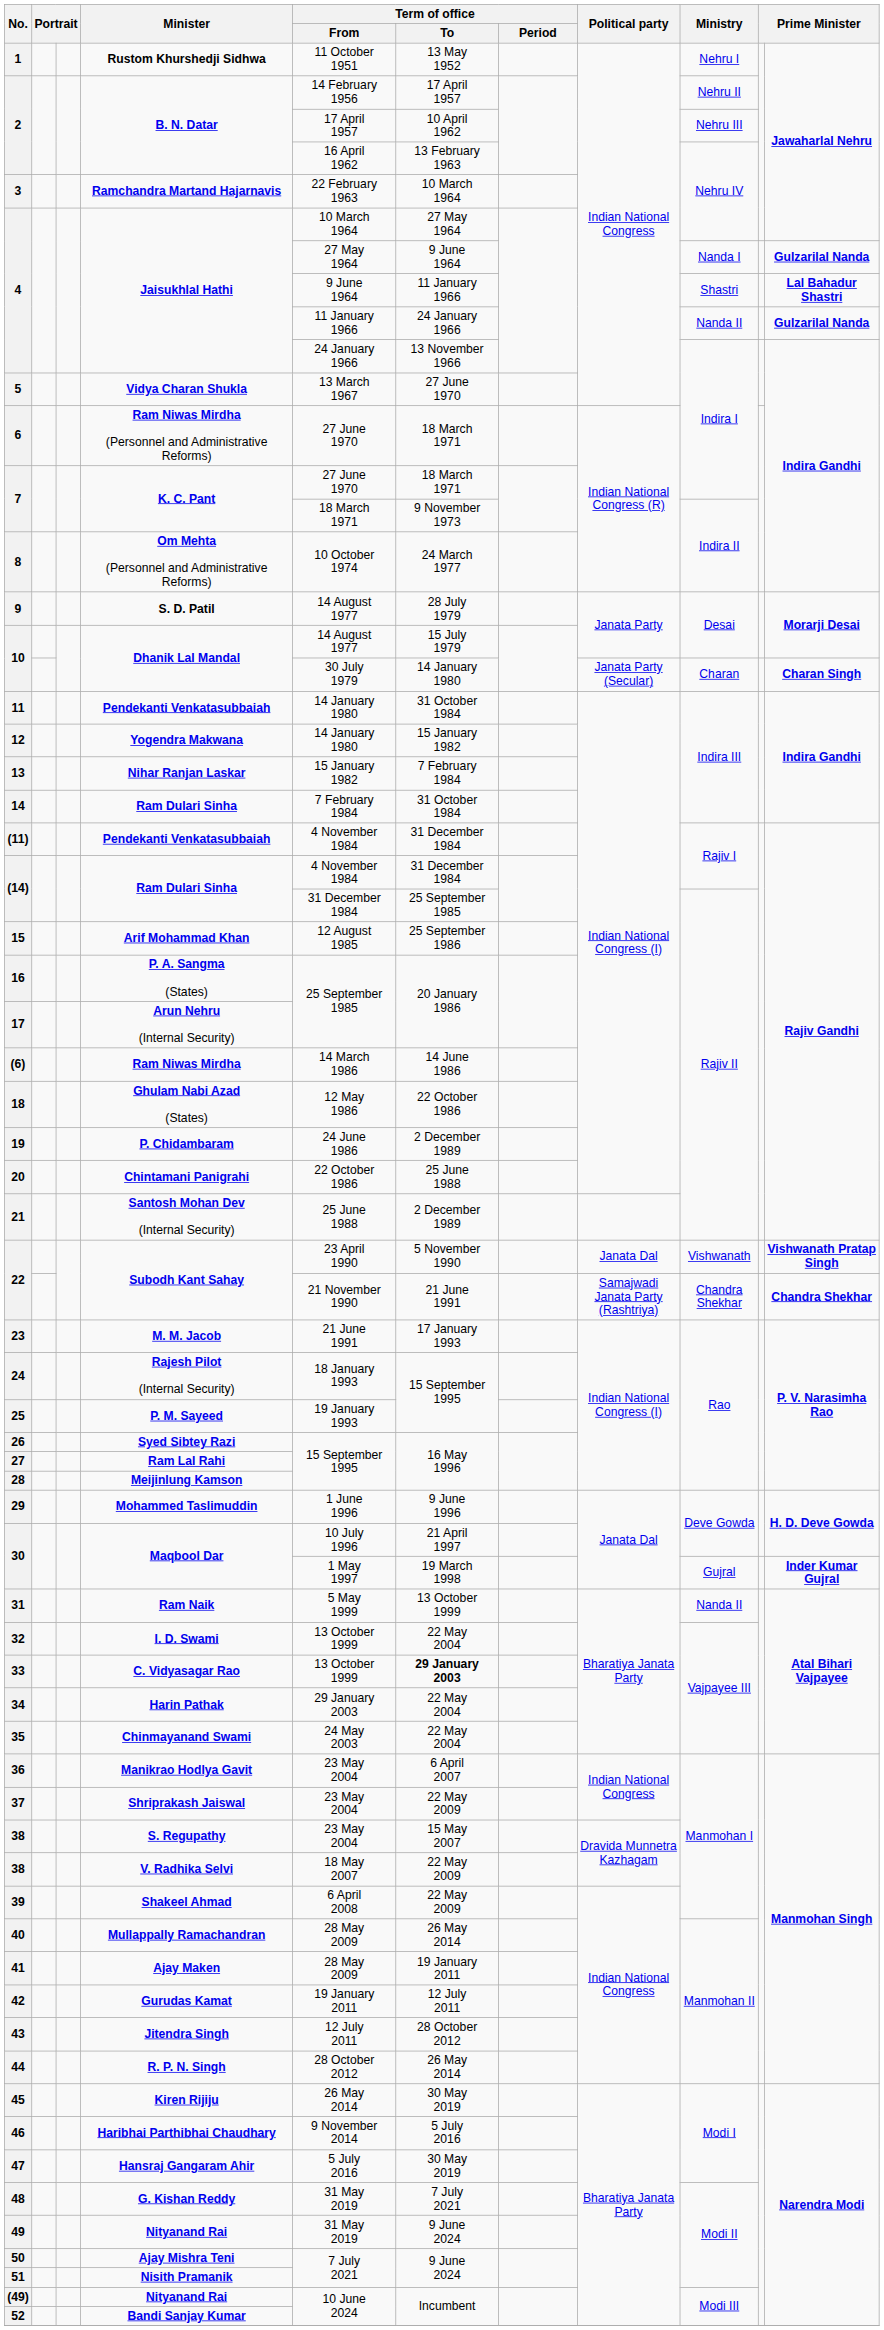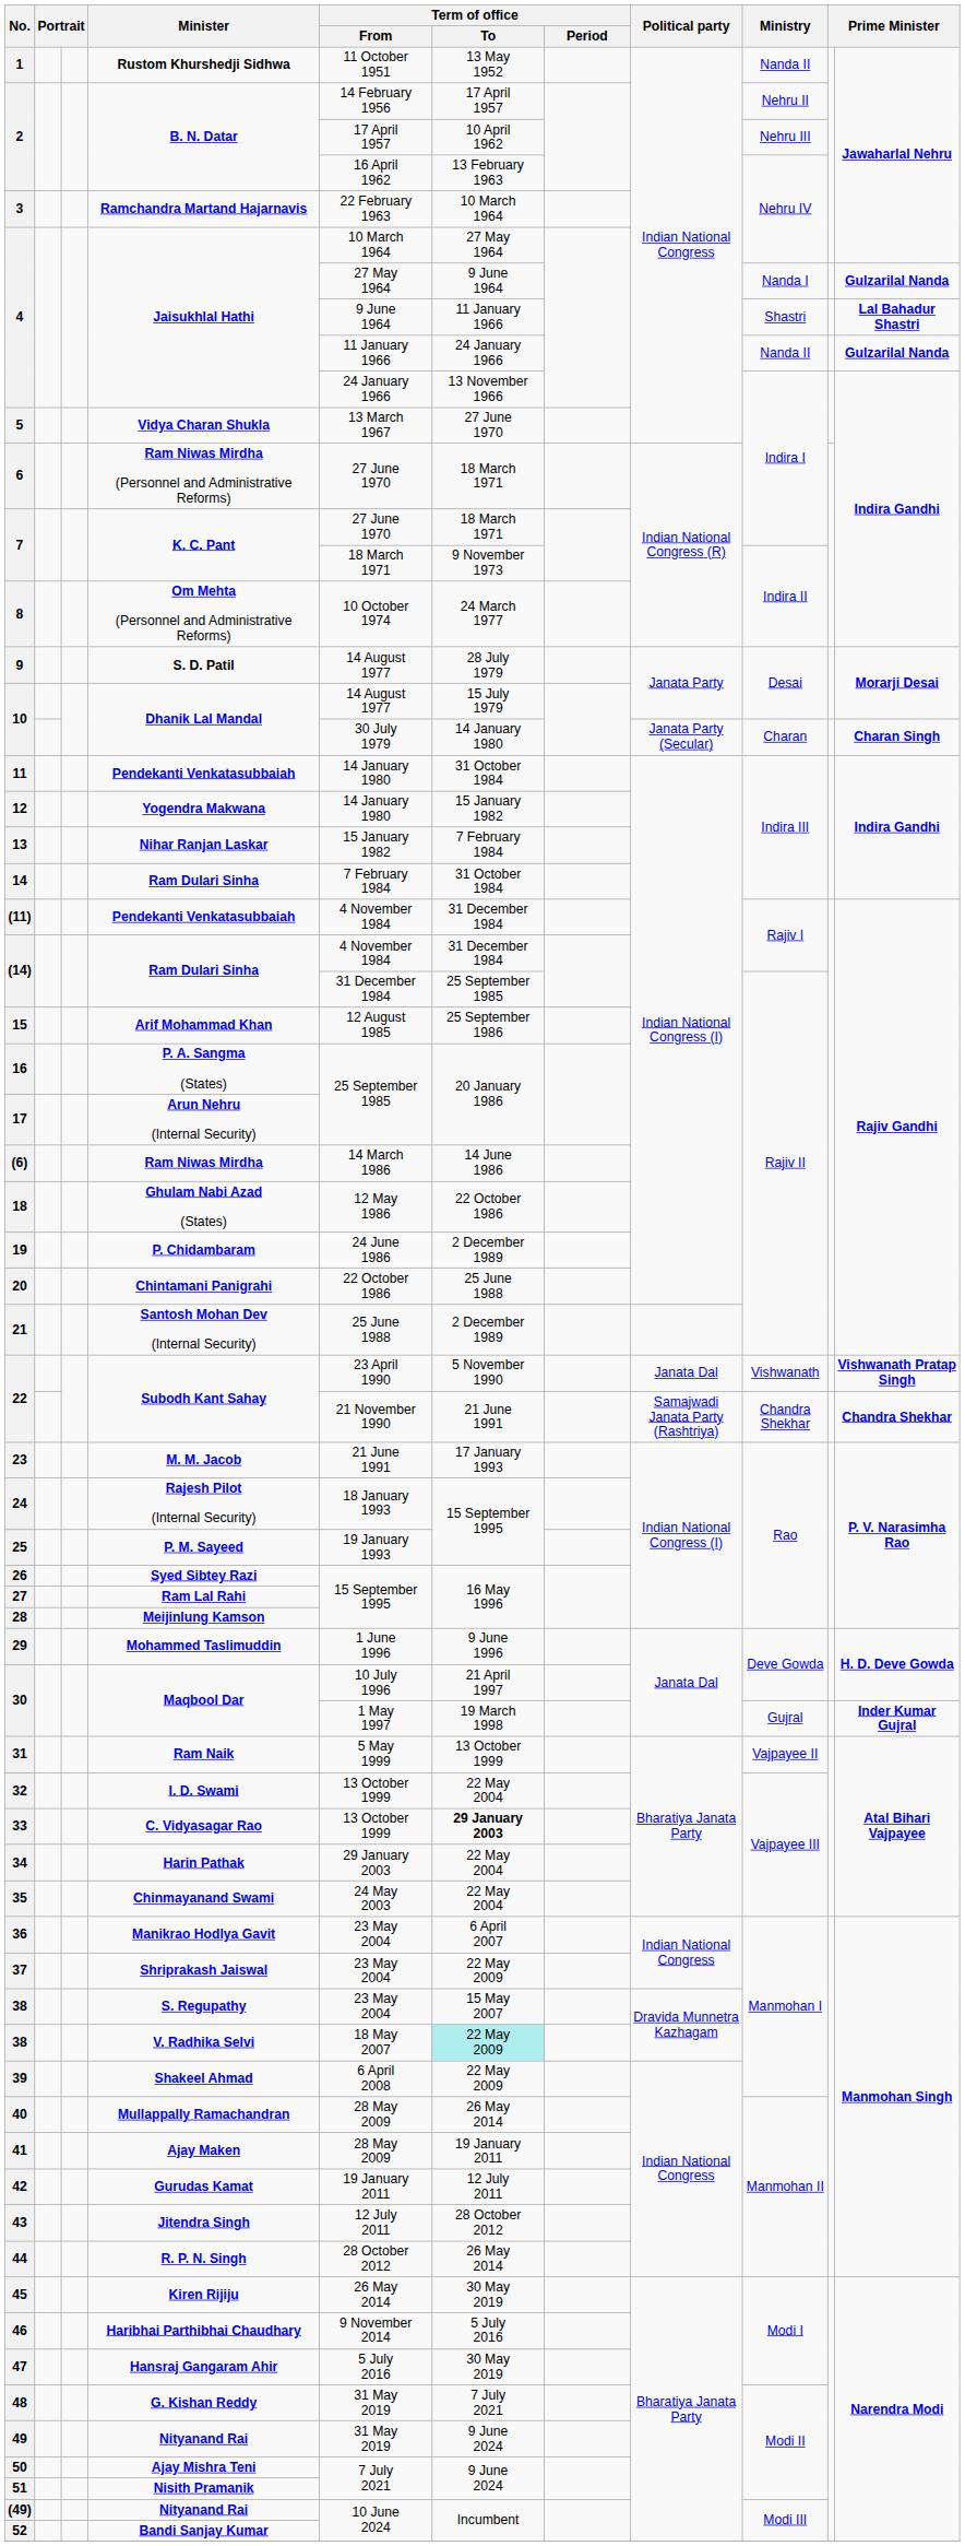 <table class="wikitable" style="text-align:center">
 <tr>
 <th rowspan="2">No.</th>
 <th colspan="2" rowspan="2">Portrait</th>
 <th rowspan="2" style="width:17em">Minister<br></th>
 <th colspan="3">Term of office</th>
 <th rowspan="2" style="width:8em">Political party</th>
 <th rowspan="2" style="width:6em">Ministry</th>
 <th rowspan="2" colspan="2">Prime Minister</th>
 </tr>
 <tr>
 <th style="width:8em">From</th>
 <th style="width:8em">To</th>
 <th style="width:6em">Period</th>
 </tr>
 <tr>
 <th>1</th>
 <td></td>
 <td></td>
 <td><strong>Rustom Khurshedji Sidhwa</strong><br></td>
 <td>11 October<br>1951</td>
 <td>13 May<br>1952</td>
 <td><strong></strong></td>
 <td rowspan="11"><a href='#'>Indian National Congress</a></td>
-<td><a href='#'>Nehru I</a></td>
+<td><a href='#'>Nanda II</a></td>
 <td rowspan="6"></td>
 <td rowspan="6"><strong><a href='#'>Jawaharlal Nehru</a></strong></td>
 </tr>
 <tr>
 <th rowspan="3">2</th>
 <td rowspan="3"></td>
 <td rowspan="3"></td>
 <td rowspan="3"><strong><a href='#'>B. N. Datar</a></strong><br></td>
 <td>14 February<br>1956</td>
 <td>17 April<br>1957</td>
 <td rowspan="3"><strong></strong></td>
 <td><a href='#'>Nehru II</a></td>
 </tr>
 <tr>
 <td>17 April<br>1957</td>
 <td>10 April<br>1962</td>
 <td><a href='#'>Nehru III</a></td>
 </tr>
 <tr>
 <td>16 April<br>1962</td>
 <td>13 February<br>1963</td>
 <td rowspan="3"><a href='#'>Nehru IV</a></td>
 </tr>
 <tr>
 <th>3</th>
 <td></td>
 <td></td>
 <td><strong><a href='#'>Ramchandra Martand Hajarnavis</a></strong><br></td>
 <td>22 February<br>1963</td>
 <td>10 March<br>1964</td>
 <td><strong></strong></td>
 </tr>
 <tr>
 <th rowspan="5">4</th>
 <td rowspan="5"></td>
 <td rowspan="5"></td>
 <td rowspan="5"><strong><a href='#'>Jaisukhlal Hathi</a></strong><br></td>
 <td>10 March<br>1964</td>
 <td>27 May<br>1964</td>
 <td rowspan="5"><strong></strong></td>
 </tr>
 <tr>
 <td>27 May<br>1964</td>
 <td>9 June<br>1964</td>
 <td><a href='#'>Nanda I</a></td>
 <td></td>
 <td><strong><a href='#'>Gulzarilal Nanda</a></strong></td>
 </tr>
 <tr>
 <td>9 June<br>1964</td>
 <td>11 January<br>1966</td>
 <td><a href='#'>Shastri</a></td>
 <td></td>
 <td><strong><a href='#'>Lal Bahadur Shastri</a></strong></td>
 </tr>
 <tr>
 <td>11 January<br>1966</td>
 <td>24 January<br>1966</td>
 <td><a href='#'>Nanda II</a></td>
 <td></td>
 <td><strong><a href='#'>Gulzarilal Nanda</a></strong></td>
 </tr>
 <tr>
 <td>24 January<br>1966</td>
 <td>13 November<br>1966</td>
 <td rowspan="4"><a href='#'>Indira I</a></td>
 <td rowspan="2"></td>
 <td rowspan="6"><strong><a href='#'>Indira Gandhi</a></strong></td>
 </tr>
 <tr>
 <th>5</th>
 <td></td>
 <td></td>
 <td><strong><a href='#'>Vidya Charan Shukla</a></strong><br></td>
 <td>13 March<br>1967</td>
 <td>27 June<br>1970</td>
 <td><strong></strong></td>
 </tr>
 <tr>
 <th>6</th>
 <td></td>
 <td></td>
 <td><strong><a href='#'>Ram Niwas Mirdha</a></strong><br><br>(Personnel and Administrative Reforms)</td>
 <td>27 June<br>1970</td>
 <td>18 March<br>1971</td>
 <td><strong></strong></td>
 <td rowspan="4"><a href='#'>Indian National Congress (R)</a></td>
 <td rowspan="4"></td>
 </tr>
 <tr>
 <th rowspan="2">7</th>
 <td rowspan="2"></td>
 <td rowspan="2"></td>
 <td rowspan="2"><strong><a href='#'>K. C. Pant</a></strong><br></td>
 <td>27 June<br>1970</td>
 <td>18 March<br>1971</td>
 <td rowspan="2"><strong></strong></td>
 </tr>
 <tr>
 <td>18 March<br>1971</td>
 <td>9 November<br>1973</td>
 <td rowspan="2"><a href='#'>Indira II</a></td>
 </tr>
 <tr>
 <th>8</th>
 <td></td>
 <td></td>
 <td><strong><a href='#'>Om Mehta</a></strong><br><br>(Personnel and Administrative Reforms)</td>
 <td>10 October<br>1974</td>
 <td>24 March<br>1977</td>
 <td><strong></strong></td>
 </tr>
 <tr>
 <th>9</th>
 <td></td>
 <td></td>
 <td><strong>S. D. Patil</strong><br></td>
 <td>14 August<br>1977</td>
 <td>28 July<br>1979</td>
 <td><strong></strong></td>
 <td rowspan="2"><a href='#'>Janata Party</a></td>
 <td rowspan="2"><a href='#'>Desai</a></td>
 <td rowspan="2"></td>
 <td rowspan="2"><strong><a href='#'>Morarji Desai</a></strong></td>
 </tr>
 <tr>
 <th rowspan="2">10</th>
 <td></td>
 <td rowspan="2"></td>
 <td rowspan="2"><strong><a href='#'>Dhanik Lal Mandal</a></strong><br></td>
 <td>14 August<br>1977</td>
 <td>15 July<br>1979</td>
 <td rowspan="2"><strong></strong></td>
 </tr>
 <tr>
 <td></td>
 <td>30 July<br>1979</td>
 <td>14 January<br>1980</td>
 <td><a href='#'>Janata Party (Secular)</a></td>
 <td><a href='#'>Charan</a></td>
 <td></td>
 <td><strong><a href='#'>Charan Singh</a></strong></td>
 </tr>
 <tr>
 <th>11</th>
 <td></td>
 <td></td>
 <td><strong><a href='#'>Pendekanti Venkatasubbaiah</a></strong><br></td>
 <td>14 January<br>1980</td>
 <td>31 October<br>1984</td>
 <td><strong></strong></td>
 <td rowspan="14"><a href='#'>Indian National Congress (I)</a></td>
 <td rowspan="4"><a href='#'>Indira III</a></td>
 <td rowspan="4"></td>
 <td rowspan="4"><strong><a href='#'>Indira Gandhi</a></strong></td>
 </tr>
 <tr>
 <th>12</th>
 <td></td>
 <td></td>
 <td><strong><a href='#'>Yogendra Makwana</a></strong><br></td>
 <td>14 January<br>1980</td>
 <td>15 January<br>1982</td>
 <td><strong></strong></td>
 </tr>
 <tr>
 <th>13</th>
 <td></td>
 <td></td>
 <td><strong><a href='#'>Nihar Ranjan Laskar</a></strong><br></td>
 <td>15 January<br>1982</td>
 <td>7 February<br>1984</td>
 <td><strong></strong></td>
 </tr>
 <tr>
 <th>14</th>
 <td></td>
 <td></td>
 <td><strong><a href='#'>Ram Dulari Sinha</a></strong><br></td>
 <td>7 February<br>1984</td>
 <td>31 October<br>1984</td>
 <td><strong></strong></td>
 </tr>
 <tr>
 <th>(11)</th>
 <td></td>
 <td></td>
 <td><strong><a href='#'>Pendekanti Venkatasubbaiah</a></strong><br></td>
 <td>4 November<br>1984</td>
 <td>31 December<br>1984</td>
 <td><strong></strong></td>
 <td rowspan="2"><a href='#'>Rajiv I</a></td>
 <td rowspan="11"></td>
 <td rowspan="11"><strong><a href='#'>Rajiv Gandhi</a></strong></td>
 </tr>
 <tr>
 <th rowspan="2">(14)</th>
 <td rowspan="2"></td>
 <td rowspan="2"></td>
 <td rowspan="2"><strong><a href='#'>Ram Dulari Sinha</a></strong><br></td>
 <td>4 November<br>1984</td>
 <td>31 December<br>1984</td>
 <td rowspan="2"><strong></strong></td>
 </tr>
 <tr>
 <td>31 December<br>1984</td>
 <td>25 September<br>1985</td>
 <td rowspan="9"><a href='#'>Rajiv II</a></td>
 </tr>
 <tr>
 <th>15</th>
 <td></td>
 <td></td>
 <td><strong><a href='#'>Arif Mohammad Khan</a></strong><br></td>
 <td>12 August<br>1985</td>
 <td>25 September<br>1986</td>
 <td><strong></strong></td>
 </tr>
 <tr>
 <th>16</th>
 <td></td>
 <td></td>
 <td><strong><a href='#'>P. A. Sangma</a></strong><br><br>(States)</td>
 <td rowspan="2">25 September<br>1985</td>
 <td rowspan="2">20 January<br>1986</td>
 <td rowspan="2"><strong></strong></td>
 </tr>
 <tr>
 <th>17</th>
 <td></td>
 <td></td>
 <td><strong><a href='#'>Arun Nehru</a></strong><br><br>(Internal Security)</td>
 </tr>
 <tr>
 <th>(6)</th>
 <td></td>
 <td></td>
 <td><strong><a href='#'>Ram Niwas Mirdha</a></strong><br></td>
 <td>14 March<br>1986</td>
 <td>14 June<br>1986</td>
 <td><strong></strong></td>
 </tr>
 <tr>
 <th>18</th>
 <td></td>
 <td></td>
 <td><strong><a href='#'>Ghulam Nabi Azad</a></strong><br><br>(States)</td>
 <td>12 May<br>1986</td>
 <td>22 October<br>1986</td>
 <td><strong></strong></td>
 </tr>
 <tr>
 <th>19</th>
 <td></td>
 <td></td>
 <td><strong><a href='#'>P. Chidambaram</a></strong><br></td>
 <td>24 June<br>1986</td>
 <td>2 December<br>1989</td>
 <td><strong></strong></td>
 </tr>
 <tr>
 <th>20</th>
 <td></td>
 <td></td>
 <td><strong><a href='#'>Chintamani Panigrahi</a></strong><br></td>
 <td>22 October<br>1986</td>
 <td>25 June<br>1988</td>
 <td><strong></strong></td>
 </tr>
 <tr>
 <th>21</th>
 <td></td>
 <td></td>
 <td><strong><a href='#'>Santosh Mohan Dev</a></strong><br><br>(Internal Security)</td>
 <td>25 June<br>1988</td>
 <td>2 December<br>1989</td>
 <td><strong></strong></td>
 </tr>
 <tr>
 <th rowspan="2">22</th>
 <td></td>
 <td rowspan="2"></td>
 <td rowspan="2"><strong><a href='#'>Subodh Kant Sahay</a></strong><br></td>
 <td>23 April<br>1990</td>
 <td>5 November<br>1990</td>
 <td><strong></strong></td>
 <td><a href='#'>Janata Dal</a></td>
 <td><a href='#'>Vishwanath</a></td>
 <td></td>
 <td><strong><a href='#'>Vishwanath Pratap Singh</a></strong></td>
 </tr>
 <tr>
 <td></td>
 <td>21 November<br>1990</td>
 <td>21 June<br>1991</td>
 <td><strong></strong></td>
 <td><a href='#'>Samajwadi Janata Party (Rashtriya)</a></td>
 <td><a href='#'>Chandra Shekhar</a></td>
 <td></td>
 <td><strong><a href='#'>Chandra Shekhar</a></strong></td>
 </tr>
 <tr>
 <th>23</th>
 <td></td>
 <td></td>
 <td><strong><a href='#'>M. M. Jacob</a></strong><br></td>
 <td>21 June<br>1991</td>
 <td>17 January<br>1993</td>
 <td><strong></strong></td>
 <td rowspan="6"><a href='#'>Indian National Congress (I)</a></td>
 <td rowspan="6"><a href='#'>Rao</a></td>
 <td rowspan="6"></td>
 <td rowspan="6"><strong><a href='#'>P. V. Narasimha Rao</a></strong></td>
 </tr>
 <tr>
 <th>24</th>
 <td></td>
 <td></td>
 <td><strong><a href='#'>Rajesh Pilot</a></strong><br><br>(Internal Security)</td>
 <td>18 January<br>1993</td>
 <td rowspan="2">15 September<br>1995</td>
 <td><strong></strong></td>
 </tr>
 <tr>
 <th>25</th>
 <td></td>
 <td></td>
 <td><strong><a href='#'>P. M. Sayeed</a></strong><br></td>
 <td>19 January<br>1993</td>
 <td><strong></strong></td>
 </tr>
 <tr>
 <th>26</th>
 <td></td>
 <td></td>
 <td><strong><a href='#'>Syed Sibtey Razi</a></strong><br></td>
 <td rowspan="3">15 September<br>1995</td>
 <td rowspan="3">16 May<br>1996</td>
 <td rowspan="3"><strong></strong></td>
 </tr>
 <tr>
 <th>27</th>
 <td></td>
 <td></td>
 <td><strong><a href='#'>Ram Lal Rahi</a></strong><br></td>
 </tr>
 <tr>
 <th>28</th>
 <td></td>
 <td></td>
 <td><strong><a href='#'>Meijinlung Kamson</a></strong><br></td>
 </tr>
 <tr>
 <th>29</th>
 <td></td>
 <td></td>
 <td><strong><a href='#'>Mohammed Taslimuddin</a></strong><br></td>
 <td>1 June<br>1996</td>
 <td>9 June<br>1996</td>
 <td><strong></strong></td>
 <td rowspan="3"><a href='#'>Janata Dal</a></td>
 <td rowspan="2"><a href='#'>Deve Gowda</a></td>
 <td rowspan="2"></td>
 <td rowspan="2"><strong><a href='#'>H. D. Deve Gowda</a></strong></td>
 </tr>
 <tr>
 <th rowspan="2">30</th>
 <td rowspan="2"></td>
 <td rowspan="2"></td>
 <td rowspan="2"><strong><a href='#'>Maqbool Dar</a></strong><br></td>
 <td>10 July<br>1996</td>
 <td>21 April<br>1997</td>
 <td><strong></strong></td>
 </tr>
 <tr>
 <td>1 May<br>1997</td>
 <td>19 March<br>1998</td>
 <td><strong></strong></td>
 <td><a href='#'>Gujral</a></td>
 <td></td>
 <td><strong><a href='#'>Inder Kumar Gujral</a></strong></td>
 </tr>
 <tr>
 <th>31</th>
 <td></td>
 <td></td>
 <td><strong><a href='#'>Ram Naik</a></strong><br></td>
 <td>5 May<br>1999</td>
 <td>13 October<br>1999</td>
 <td><strong></strong></td>
 <td rowspan="5"><a href='#'>Bharatiya Janata Party</a></td>
-<td><a href='#'>Nanda II</a></td>
+<td><a href='#'>Vajpayee II</a></td>
 <td rowspan="5"></td>
 <td rowspan="5" style="width:9em"><strong><a href='#'>Atal Bihari Vajpayee</a></strong></td>
 </tr>
 <tr>
 <th>32</th>
 <td></td>
 <td></td>
 <td><strong><a href='#'>I. D. Swami</a></strong><br></td>
 <td>13 October<br>1999</td>
 <td>22 May<br>2004</td>
 <td><strong></strong></td>
 <td rowspan="4"><a href='#'>Vajpayee III</a></td>
 </tr>
 <tr>
 <th>33</th>
 <td></td>
 <td></td>
 <td><strong><a href='#'>C. Vidyasagar Rao</a></strong><br></td>
 <td>13 October<br>1999</td>
 <td><strong>29 January<br>2003</strong></td>
 <td><strong></strong></td>
 </tr>
 <tr>
 <th>34</th>
 <td></td>
 <td></td>
 <td><strong><a href='#'>Harin Pathak</a></strong><br></td>
 <td>29 January<br>2003</td>
 <td>22 May<br>2004</td>
 <td><strong></strong></td>
 </tr>
 <tr>
 <th>35</th>
 <td></td>
 <td></td>
 <td><strong><a href='#'>Chinmayanand Swami</a></strong><br></td>
 <td>24 May<br>2003</td>
 <td>22 May<br>2004</td>
 <td><strong></strong></td>
 </tr>
 <tr>
 <th>36</th>
 <td></td>
 <td></td>
 <td><strong><a href='#'>Manikrao Hodlya Gavit</a></strong><br></td>
 <td>23 May<br>2004</td>
 <td>6 April<br>2007</td>
 <td><strong></strong></td>
 <td rowspan="2"><a href='#'>Indian National Congress</a></td>
 <td rowspan="5"><a href='#'>Manmohan I</a></td>
 <td rowspan="10"></td>
 <td rowspan="10"><strong><a href='#'>Manmohan Singh</a></strong></td>
 </tr>
 <tr>
 <th>37</th>
 <td></td>
 <td></td>
 <td><strong><a href='#'>Shriprakash Jaiswal</a></strong><br></td>
 <td>23 May<br>2004</td>
 <td>22 May<br>2009</td>
 <td><strong></strong></td>
 </tr>
 <tr>
 <th>38</th>
 <td></td>
 <td></td>
 <td><strong><a href='#'>S. Regupathy</a></strong><br></td>
 <td>23 May<br>2004</td>
 <td>15 May<br>2007</td>
 <td><strong></strong></td>
 <td rowspan="2"><a href='#'>Dravida Munnetra Kazhagam</a></td>
 </tr>
 <tr>
 <th>38</th>
 <td></td>
 <td></td>
 <td><strong><a href='#'>V. Radhika Selvi</a></strong><br></td>
 <td>18 May<br>2007</td>
-<td>22 May<br>2009</td>
+<td style="background: paleturquoise;">22 May<br>2009</td>
 <td><strong></strong></td>
 </tr>
 <tr>
 <th>39</th>
 <td></td>
 <td></td>
 <td><strong><a href='#'>Shakeel Ahmad</a></strong><br></td>
 <td>6 April<br>2008</td>
 <td>22 May<br>2009</td>
 <td><strong></strong></td>
 <td rowspan="6"><a href='#'>Indian National Congress</a></td>
 </tr>
 <tr>
 <th>40</th>
 <td></td>
 <td></td>
 <td><strong><a href='#'>Mullappally Ramachandran</a></strong><br></td>
 <td>28 May<br>2009</td>
 <td>26 May<br>2014</td>
 <td><strong></strong></td>
 <td rowspan="5"><a href='#'>Manmohan II</a></td>
 </tr>
 <tr>
 <th>41</th>
 <td></td>
 <td></td>
 <td><strong><a href='#'>Ajay Maken</a></strong><br></td>
 <td>28 May<br>2009</td>
 <td>19 January<br>2011</td>
 <td><strong></strong></td>
 </tr>
 <tr>
 <th>42</th>
 <td></td>
 <td></td>
 <td><strong><a href='#'>Gurudas Kamat</a></strong><br></td>
 <td>19 January<br>2011</td>
 <td>12 July<br>2011</td>
 <td><strong></strong></td>
 </tr>
 <tr>
 <th>43</th>
 <td></td>
 <td></td>
 <td><strong><a href='#'>Jitendra Singh</a></strong><br></td>
 <td>12 July<br>2011</td>
 <td>28 October<br>2012</td>
 <td><strong></strong></td>
 </tr>
 <tr>
 <th>44</th>
 <td></td>
 <td></td>
 <td><strong><a href='#'>R. P. N. Singh</a></strong><br></td>
 <td>28 October<br>2012</td>
 <td>26 May<br>2014</td>
 <td><strong></strong></td>
 </tr>
 <tr>
 <th>45</th>
 <td></td>
 <td></td>
 <td><strong><a href='#'>Kiren Rijiju</a></strong><br></td>
 <td>26 May<br>2014</td>
 <td>30 May<br>2019</td>
 <td><strong></strong></td>
 <td rowspan="9"><a href='#'>Bharatiya Janata Party</a></td>
 <td rowspan="3"><a href='#'>Modi I</a></td>
 <td rowspan="9"></td>
 <td rowspan="9"><strong><a href='#'>Narendra Modi</a></strong></td>
 </tr>
 <tr>
 <th>46</th>
 <td></td>
 <td></td>
 <td><strong><a href='#'>Haribhai Parthibhai Chaudhary</a></strong><br></td>
 <td>9 November<br>2014</td>
 <td>5 July<br>2016</td>
 <td><strong></strong></td>
 </tr>
 <tr>
 <th>47</th>
 <td></td>
 <td></td>
 <td><strong><a href='#'>Hansraj Gangaram Ahir</a></strong><br></td>
 <td>5 July<br>2016</td>
 <td>30 May<br>2019</td>
 <td><strong></strong></td>
 </tr>
 <tr>
 <th>48</th>
 <td></td>
 <td></td>
 <td><strong><a href='#'>G. Kishan Reddy</a></strong><br></td>
 <td>31 May<br>2019</td>
 <td>7 July<br>2021</td>
 <td><strong></strong></td>
 <td rowspan="4"><a href='#'>Modi II</a></td>
 </tr>
 <tr>
 <th>49</th>
 <td></td>
 <td></td>
 <td><strong><a href='#'>Nityanand Rai</a></strong><br></td>
 <td>31 May<br>2019</td>
 <td>9 June<br>2024</td>
 <td><strong></strong></td>
 </tr>
 <tr>
 <th>50</th>
 <td></td>
 <td></td>
 <td><strong><a href='#'>Ajay Mishra Teni</a></strong><br></td>
 <td rowspan="2">7 July<br>2021</td>
 <td rowspan="2">9 June<br>2024</td>
 <td rowspan="2"><strong></strong></td>
 </tr>
 <tr>
 <th>51</th>
 <td></td>
 <td></td>
 <td><strong><a href='#'>Nisith Pramanik</a></strong><br></td>
 </tr>
 <tr>
 <th>(49)</th>
 <td></td>
 <td></td>
 <td><strong><a href='#'>Nityanand Rai</a></strong><br></td>
 <td rowspan="2">10 June<br>2024</td>
 <td rowspan="2">Incumbent</td>
 <td rowspan="2"><strong></strong></td>
 <td rowspan="2"><a href='#'>Modi III</a></td>
 </tr>
 <tr>
 <th>52</th>
 <td></td>
 <td></td>
 <td><strong><a href='#'>Bandi Sanjay Kumar</a></strong><br></td>
 </tr>
 <tr>
 </tr>
 </table>
